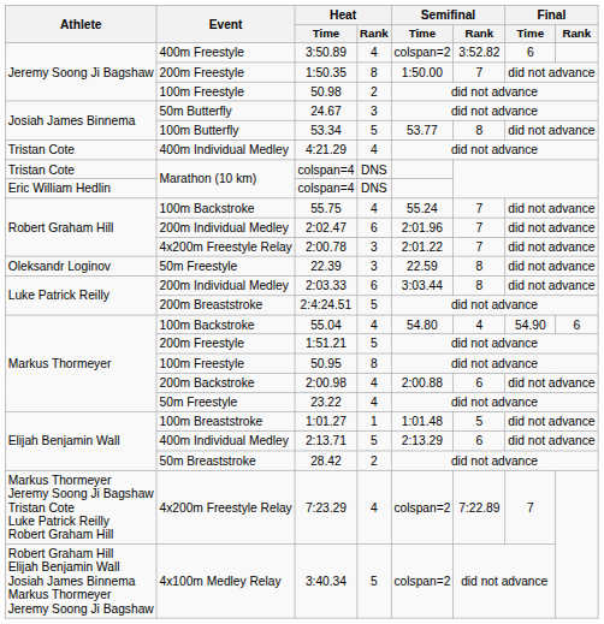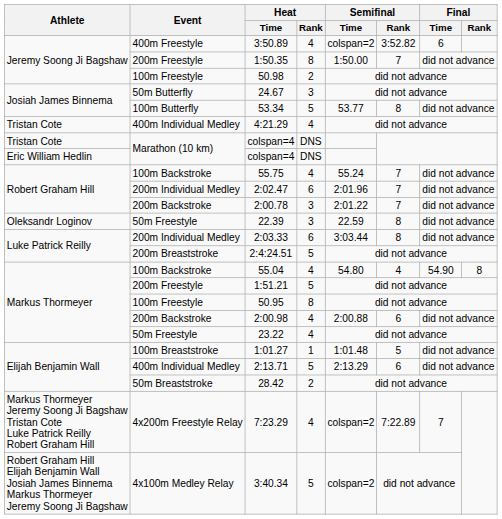 <table class=wikitable style="font-size:90%">
 <tr>
 <th rowspan="2">Athlete</th>
 <th rowspan="2">Event</th>
 <th colspan="2">Heat</th>
 <th colspan="2">Semifinal</th>
 <th colspan="2">Final</th>
 </tr>
 <tr style="font-size:95%">
 <th>Time</th>
 <th>Rank</th>
 <th>Time</th>
 <th>Rank</th>
 <th>Time</th>
 <th>Rank</th>
 </tr>
 <tr align=center>
 <td align=left rowspan=3>Jeremy Soong Ji Bagshaw</td>
 <td align=left>400m Freestyle</td>
 <td>3:50.89</td>
 <td>4</td>
 <td>colspan=2 </td>
 <td>3:52.82</td>
 <td>6</td>
 </tr>
 <tr align=center>
 <td align=left>200m Freestyle</td>
 <td>1:50.35</td>
 <td>8</td>
 <td>1:50.00</td>
 <td>7</td>
 <td colspan=2>did not advance</td>
 </tr>
 <tr align=center>
 <td align=left>100m Freestyle</td>
 <td>50.98</td>
 <td>2</td>
 <td colspan=4>did not advance</td>
 </tr>
 <tr align=center>
 <td align=left rowspan=2>Josiah James Binnema</td>
 <td align=left>50m Butterfly</td>
 <td>24.67</td>
 <td>3</td>
 <td colspan=4>did not advance</td>
 </tr>
 <tr align=center>
 <td align=left>100m Butterfly</td>
 <td>53.34</td>
 <td>5</td>
 <td>53.77</td>
 <td>8</td>
 <td colspan=2>did not advance</td>
 </tr>
 <tr align=center>
 <td align=left>Tristan Cote</td>
 <td align=left>400m Individual Medley</td>
 <td>4:21.29</td>
 <td>4</td>
 <td colspan=4>did not advance</td>
 </tr>
 <tr align=center>
 <td align=left>Tristan Cote</td>
 <td align=left rowspan=2>Marathon (10 km)</td>
 <td>colspan=4 </td>
 <td>DNS</td>
 <td></td>
 </tr>
 <tr align=center>
 <td align=left>Eric William Hedlin</td>
 <td>colspan=4 </td>
 <td>DNS</td>
 <td></td>
 </tr>
 <tr align=center>
 <td align=left rowspan=3>Robert Graham Hill</td>
 <td align=left>100m Backstroke</td>
 <td>55.75</td>
 <td>4</td>
 <td>55.24</td>
 <td>7</td>
 <td colspan=2>did not advance</td>
 </tr>
 <tr align=center>
 <td align=left>200m Individual Medley</td>
 <td>2:02.47</td>
 <td>6</td>
 <td>2:01.96</td>
 <td>7</td>
 <td colspan=2>did not advance</td>
 </tr>
 <tr align=center>
-<td align=left>4x200m Freestyle Relay</td>
+<td align=left>200m Backstroke</td>
 <td>2:00.78</td>
 <td>3</td>
 <td>2:01.22</td>
 <td>7</td>
 <td colspan=2>did not advance</td>
 </tr>
 <tr align=center>
 <td align=left>Oleksandr Loginov</td>
 <td align=left>50m Freestyle</td>
 <td>22.39</td>
 <td>3</td>
 <td>22.59</td>
 <td>8</td>
 <td colspan=2>did not advance</td>
 </tr>
 <tr align=center>
 <td align=left rowspan=2>Luke Patrick Reilly</td>
 <td align=left>200m Individual Medley</td>
 <td>2:03.33</td>
 <td>6</td>
 <td>3:03.44</td>
 <td>8</td>
 <td colspan=2>did not advance</td>
 </tr>
 <tr align=center>
 <td align=left>200m Breaststroke</td>
 <td>2:4:24.51</td>
 <td>5</td>
 <td colspan=4>did not advance</td>
 </tr>
 <tr align=center>
 <td align=left rowspan=5>Markus Thormeyer</td>
 <td align=left>100m Backstroke</td>
 <td>55.04</td>
 <td>4</td>
 <td>54.80</td>
 <td>4</td>
 <td>54.90</td>
-<td>6</td>
+<td>8</td>
 </tr>
 <tr align=center>
 <td align=left>200m Freestyle</td>
 <td>1:51.21</td>
 <td>5</td>
 <td colspan=4>did not advance</td>
 </tr>
 <tr align=center>
 <td align=left>100m Freestyle</td>
 <td>50.95</td>
 <td>8</td>
 <td colspan=4>did not advance</td>
 </tr>
 <tr align=center>
 <td align=left>200m Backstroke</td>
 <td>2:00.98</td>
 <td>4</td>
 <td>2:00.88</td>
 <td>6</td>
 <td colspan=2>did not advance</td>
 </tr>
 <tr align=center>
 <td align=left>50m Freestyle</td>
 <td>23.22</td>
 <td>4</td>
 <td colspan=4>did not advance</td>
 </tr>
 <tr align=center>
 <td align=left rowspan=3>Elijah Benjamin Wall</td>
 <td align=left>100m Breaststroke</td>
 <td>1:01.27</td>
 <td>1</td>
 <td>1:01.48</td>
 <td>5</td>
 <td colspan=2>did not advance</td>
 </tr>
 <tr align=center>
 <td align=left>400m Individual Medley</td>
 <td>2:13.71</td>
 <td>5</td>
 <td>2:13.29</td>
 <td>6</td>
 <td colspan=2>did not advance</td>
 </tr>
 <tr align=center>
 <td align=left>50m Breaststroke</td>
 <td>28.42</td>
 <td>2</td>
 <td colspan=4>did not advance</td>
 </tr>
 <tr align=center>
 <td align=left>Markus Thormeyer<br>Jeremy Soong Ji Bagshaw<br>Tristan Cote<br>Luke Patrick Reilly<br>Robert Graham Hill</td>
 <td align=left>4x200m Freestyle Relay</td>
 <td>7:23.29</td>
 <td>4</td>
 <td>colspan=2 </td>
 <td>7:22.89</td>
 <td>7</td>
 </tr>
 <tr align=center>
 <td align=left>Robert Graham Hill<br>Elijah Benjamin Wall<br>Josiah James Binnema<br>Markus Thormeyer<br>Jeremy Soong Ji Bagshaw</td>
 <td align=left>4x100m Medley Relay</td>
 <td>3:40.34</td>
 <td>5</td>
 <td>colspan=2 </td>
 <td colspan=2>did not advance</td>
 </tr>
 </table>
